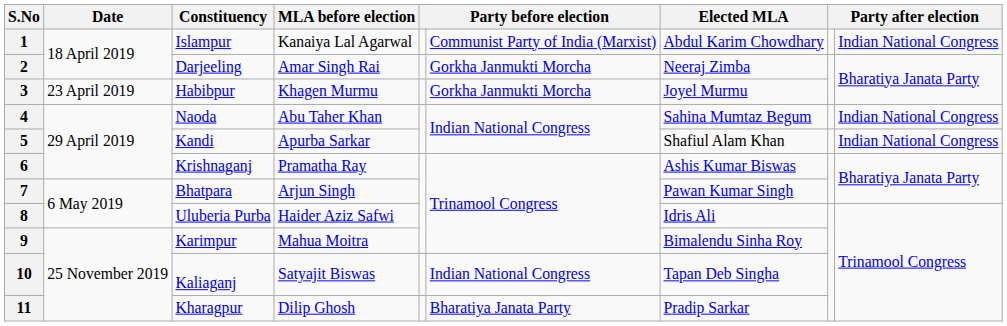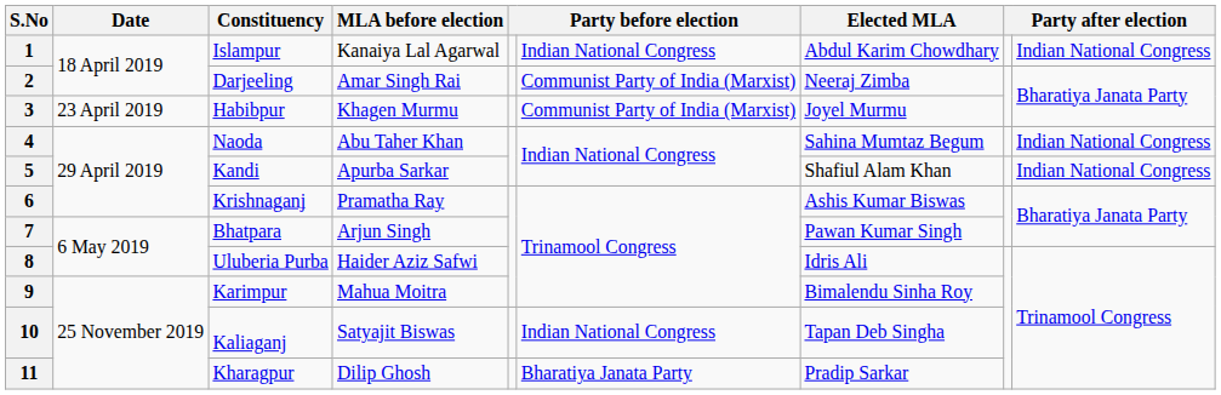 <table class="wikitable sortable">
 <tr>
 <th>S.No</th>
 <th>Date</th>
 <th>Constituency</th>
 <th>MLA before election</th>
 <th colspan="2">Party before election</th>
 <th>Elected MLA</th>
 <th colspan="2">Party after election</th>
 </tr>
 <tr>
 <th>1</th>
 <td rowspan="2">18 April 2019</td>
 <td><a href='#'>Islampur</a></td>
 <td>Kanaiya Lal Agarwal</td>
 <td></td>
-<td><a href='#'>Communist Party of India (Marxist)</a></td>
+<td><a href='#'>Indian National Congress</a></td>
 <td><a href='#'>Abdul Karim Chowdhary</a></td>
 <td></td>
 <td><a href='#'>Indian National Congress</a></td>
 </tr>
 <tr>
 <th>2</th>
 <td><a href='#'>Darjeeling</a></td>
 <td><a href='#'>Amar Singh Rai</a></td>
 <td></td>
-<td><a href='#'>Gorkha Janmukti Morcha</a></td>
+<td><a href='#'>Communist Party of India (Marxist)</a></td>
 <td><a href='#'>Neeraj Zimba</a></td>
 <td rowspan="2"></td>
 <td rowspan="2"><a href='#'>Bharatiya Janata Party</a></td>
 </tr>
 <tr>
 <th>3</th>
 <td>23 April 2019</td>
 <td><a href='#'>Habibpur</a></td>
 <td><a href='#'>Khagen Murmu</a></td>
 <td></td>
-<td><a href='#'>Gorkha Janmukti Morcha</a></td>
+<td><a href='#'>Communist Party of India (Marxist)</a></td>
 <td><a href='#'>Joyel Murmu</a></td>
 </tr>
 <tr>
 <th>4</th>
 <td rowspan="3">29 April 2019</td>
 <td><a href='#'>Naoda</a></td>
 <td><a href='#'>Abu Taher Khan</a></td>
 <td Rowspan=2></td>
 <td Rowspan=2><a href='#'>Indian National Congress</a></td>
 <td><a href='#'>Sahina Mumtaz Begum</a></td>
 <td></td>
 <td><a href='#'>Indian National Congress</a></td>
 </tr>
 <tr>
 <th>5</th>
 <td><a href='#'>Kandi</a></td>
 <td><a href='#'>Apurba Sarkar</a></td>
 <td>Shafiul Alam Khan</td>
 <td></td>
 <td><a href='#'>Indian National Congress</a></td>
 </tr>
 <tr>
 <th>6</th>
 <td><a href='#'>Krishnaganj</a></td>
 <td><a href='#'>Pramatha Ray</a></td>
 <td rowspan="4"></td>
 <td rowspan="4"><a href='#'>Trinamool Congress</a></td>
 <td><a href='#'>Ashis Kumar Biswas</a></td>
 <td rowspan="2"></td>
 <td rowspan="2"><a href='#'>Bharatiya Janata Party</a></td>
 </tr>
 <tr>
 <th>7</th>
 <td rowspan="2">6 May 2019</td>
 <td><a href='#'>Bhatpara</a></td>
 <td><a href='#'>Arjun Singh</a></td>
 <td><a href='#'>Pawan Kumar Singh</a></td>
 </tr>
 <tr>
 <th>8</th>
 <td><a href='#'>Uluberia Purba</a></td>
 <td><a href='#'>Haider Aziz Safwi</a></td>
 <td><a href='#'>Idris Ali</a></td>
 <td rowspan="4"></td>
 <td rowspan="4"><a href='#'>Trinamool Congress</a></td>
 </tr>
 <tr>
 <th>9</th>
 <td rowspan="3">25 November 2019</td>
 <td><a href='#'>Karimpur</a></td>
 <td><a href='#'>Mahua Moitra</a></td>
 <td><a href='#'>Bimalendu Sinha Roy</a></td>
 </tr>
 <tr>
 <th>10</th>
 <td><br><a href='#'>Kaliaganj</a></td>
 <td><a href='#'>Satyajit Biswas</a></td>
 <td></td>
 <td><a href='#'>Indian National Congress</a></td>
 <td><a href='#'>Tapan Deb Singha</a></td>
 </tr>
 <tr>
 <th>11</th>
 <td><a href='#'>Kharagpur</a></td>
 <td><a href='#'>Dilip Ghosh</a></td>
 <td></td>
 <td><a href='#'>Bharatiya Janata Party</a></td>
 <td><a href='#'>Pradip Sarkar</a></td>
 </tr>
 </table>
